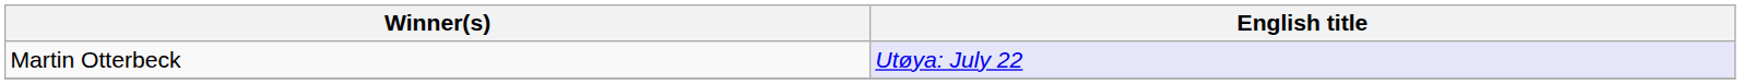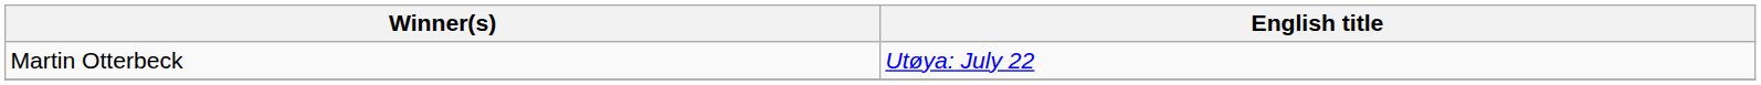 <table class="wikitable" width="95%" cellpadding="5">
 <tr>
 <th width="18%">Winner(s)</th>
 <th width="18%">English title</th>
 </tr>
 <tr>
 <td>Martin Otterbeck</td>
-<td style="background: lavender;"><em><a href='#'>Utøya: July 22</a></em></td>
+<td><em><a href='#'>Utøya: July 22</a></em></td>
 </tr>
 <tr>
 </tr>
 </table>
